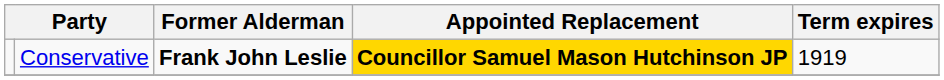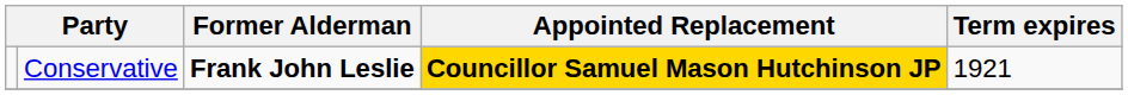 <table class="wikitable">
 <tr>
 <th colspan="2">Party</th>
 <th>Former Alderman</th>
 <th>Appointed Replacement</th>
 <th>Term expires</th>
 </tr>
 <tr>
 <td style="background-color:"></td>
 <td><a href='#'>Conservative</a></td>
 <td><strong>Frank John Leslie</strong></td>
 <td style="background: gold;"><strong>Councillor Samuel Mason Hutchinson JP</strong></td>
-<td>1919</td>
+<td>1921</td>
 </tr>
 <tr>
 </tr>
 </table>
